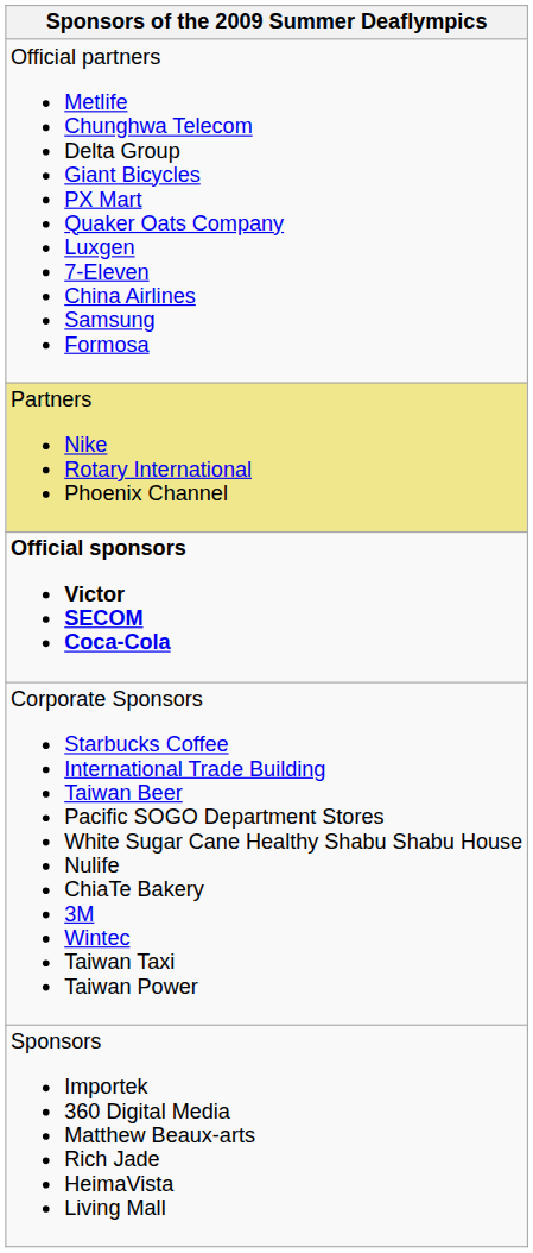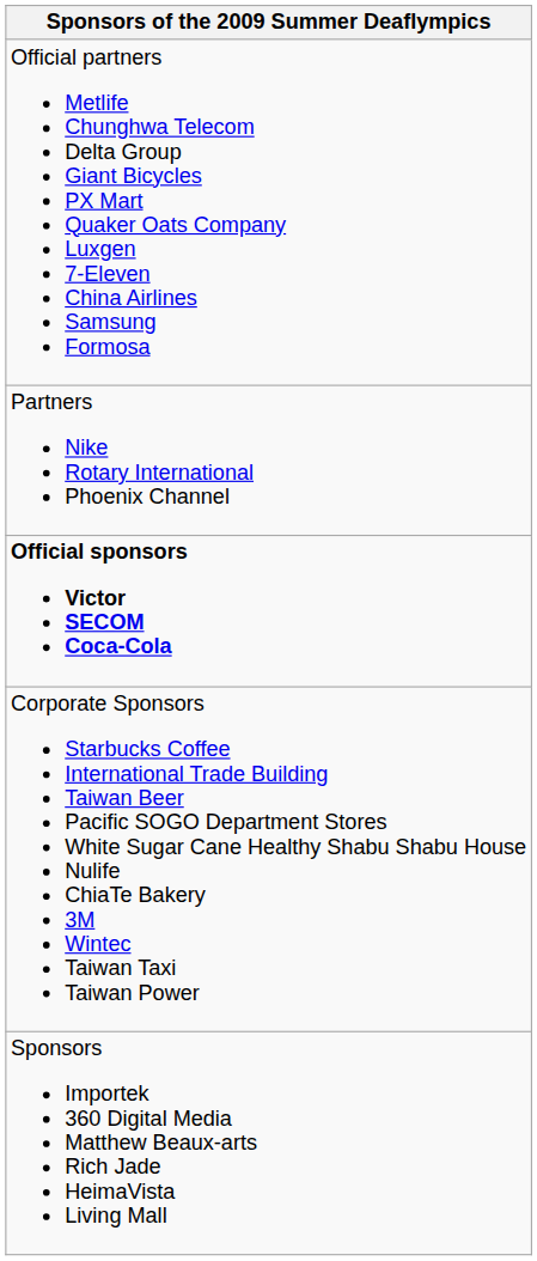 <table class="wikitable collapsible " style="float:center; margin:10px;">
 <tr>
 <th>Sponsors of the 2009 Summer Deaflympics</th>
 </tr>
 <tr>
 <td>Official partners<br><ul><li><a href='#'>Metlife</a></li><li><a href='#'>Chunghwa Telecom</a></li><li>Delta Group</li><li><a href='#'>Giant Bicycles</a></li><li><a href='#'>PX Mart</a></li><li><a href='#'>Quaker Oats Company</a></li><li><a href='#'>Luxgen</a></li><li><a href='#'>7-Eleven</a></li><li><a href='#'>China Airlines</a></li><li><a href='#'>Samsung</a></li><li><a href='#'>Formosa</a></li></ul></td>
 </tr>
 <tr>
-<td style="background: khaki;">Partners<br><ul><li><a href='#'>Nike</a></li><li><a href='#'>Rotary International</a></li><li>Phoenix Channel</li></ul></td>
+<td>Partners<br><ul><li><a href='#'>Nike</a></li><li><a href='#'>Rotary International</a></li><li>Phoenix Channel</li></ul></td>
 </tr>
 <tr>
 <td><strong>Official sponsors<br><ul><li>Victor</li><li><a href='#'>SECOM</a></li><li><a href='#'>Coca-Cola</a></li></ul></strong></td>
 </tr>
 <tr>
 <td>Corporate Sponsors<br><ul><li><a href='#'>Starbucks Coffee</a></li><li><a href='#'>International Trade Building</a></li><li><a href='#'>Taiwan Beer</a></li><li>Pacific SOGO Department Stores</li><li>White Sugar Cane Healthy Shabu Shabu House</li><li>Nulife</li><li>ChiaTe Bakery</li><li><a href='#'>3M</a></li><li><a href='#'>Wintec</a></li><li>Taiwan Taxi</li><li>Taiwan Power</li></ul></td>
 </tr>
 <tr>
 <td>Sponsors<br><ul><li>Importek</li><li>360 Digital Media</li><li>Matthew Beaux-arts</li><li>Rich Jade</li><li>HeimaVista</li><li>Living Mall</li></ul></td>
 </tr>
 </table>
